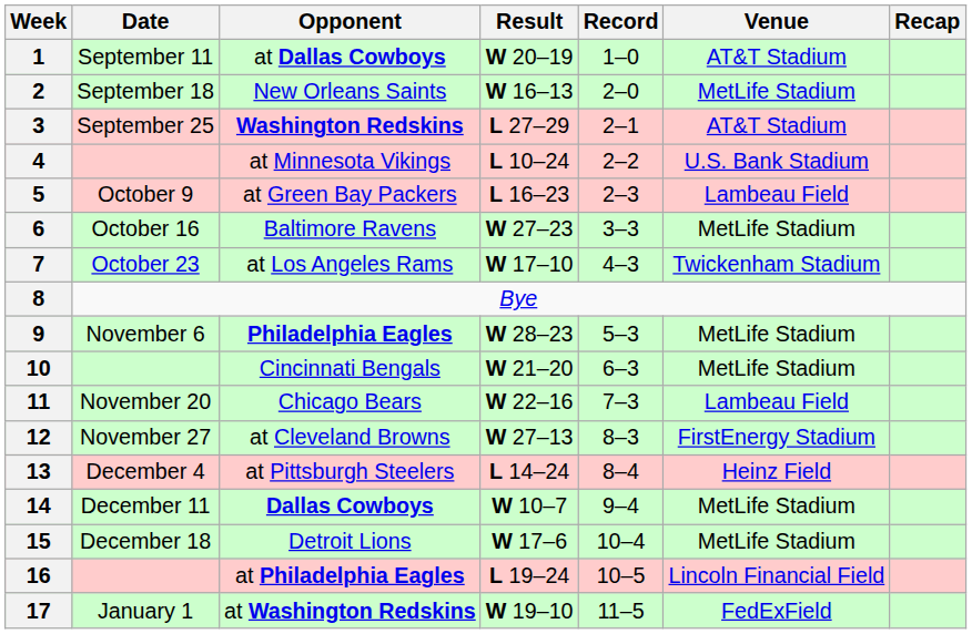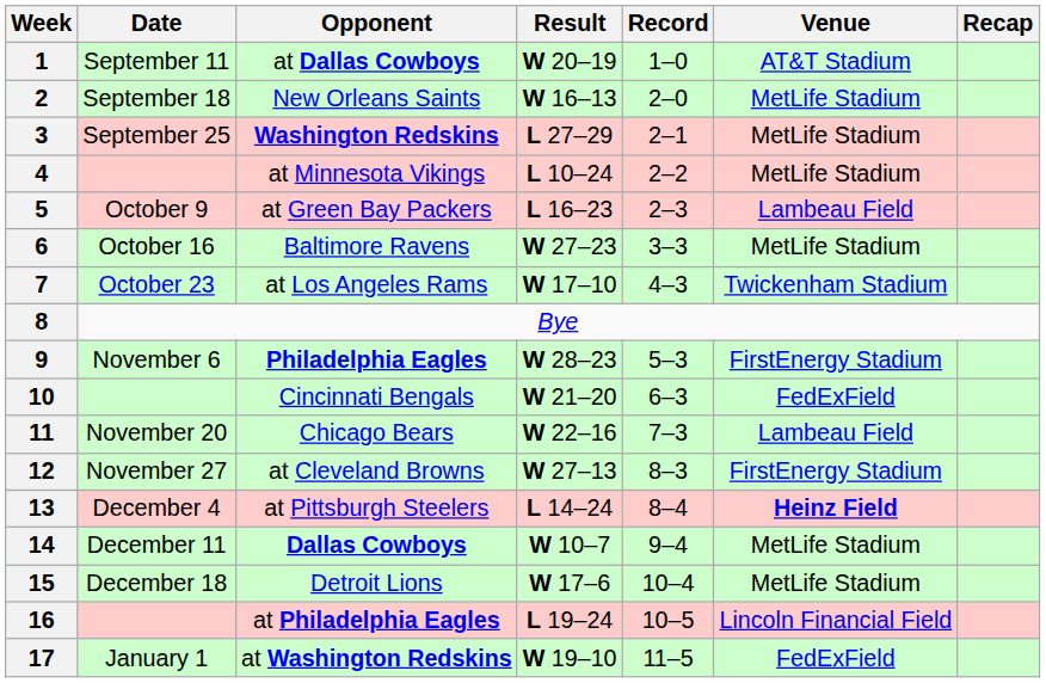 <table class="wikitable" style="text-align:center">
 <tr>
 <th>Week</th>
 <th>Date</th>
 <th>Opponent</th>
 <th>Result</th>
 <th>Record</th>
 <th>Venue</th>
 <th>Recap</th>
 </tr>
 <tr style="background:#cfc">
 <th>1</th>
 <td>September 11</td>
 <td>at <strong><a href='#'>Dallas Cowboys</a></strong></td>
 <td><strong>W</strong> 20–19</td>
 <td>1–0</td>
 <td><a href='#'>AT&T Stadium</a></td>
 <td></td>
 </tr>
 <tr style="background:#cfc">
 <th>2</th>
 <td>September 18</td>
 <td><a href='#'>New Orleans Saints</a></td>
 <td><strong>W</strong> 16–13</td>
 <td>2–0</td>
 <td><a href='#'>MetLife Stadium</a></td>
 <td></td>
 </tr>
 <tr style="background:#fcc">
 <th>3</th>
 <td>September 25</td>
 <td><strong><a href='#'>Washington Redskins</a></strong></td>
 <td><strong>L</strong> 27–29</td>
 <td>2–1</td>
-<td><a href='#'>AT&T Stadium</a></td>
+<td>MetLife Stadium</td>
 <td></td>
 </tr>
 <tr style="background:#fcc">
 <th>4</th>
 <td></td>
 <td>at <a href='#'>Minnesota Vikings</a></td>
 <td><strong>L</strong> 10–24</td>
 <td>2–2</td>
-<td><a href='#'>U.S. Bank Stadium</a></td>
+<td>MetLife Stadium</td>
 <td></td>
 </tr>
 <tr style="background:#fcc">
 <th>5</th>
 <td>October 9</td>
 <td>at <a href='#'>Green Bay Packers</a></td>
 <td><strong>L</strong> 16–23</td>
 <td>2–3</td>
 <td><a href='#'>Lambeau Field</a></td>
 <td></td>
 </tr>
 <tr style="background:#cfc">
 <th>6</th>
 <td>October 16</td>
 <td><a href='#'>Baltimore Ravens</a></td>
 <td><strong>W</strong> 27–23</td>
 <td>3–3</td>
 <td>MetLife Stadium</td>
 <td></td>
 </tr>
 <tr style="background:#cfc">
 <th>7</th>
 <td><a href='#'>October 23</a></td>
 <td>at <a href='#'>Los Angeles Rams</a></td>
 <td><strong>W</strong> 17–10</td>
 <td>4–3</td>
 <td> <a href='#'>Twickenham Stadium</a> </td>
 <td></td>
 </tr>
 <tr>
 <th>8</th>
 <td colspan="6"><em><a href='#'>Bye</a></em></td>
 </tr>
 <tr style="background:#cfc">
 <th>9</th>
 <td>November 6</td>
 <td><strong><a href='#'>Philadelphia Eagles</a></strong></td>
 <td><strong>W</strong> 28–23</td>
 <td>5–3</td>
-<td>MetLife Stadium</td>
+<td><a href='#'>FirstEnergy Stadium</a></td>
 <td></td>
 </tr>
 <tr style="background:#cfc">
 <th>10</th>
 <td></td>
 <td><a href='#'>Cincinnati Bengals</a></td>
 <td><strong>W</strong> 21–20</td>
 <td>6–3</td>
-<td>MetLife Stadium</td>
+<td><a href='#'>FedExField</a></td>
 <td></td>
 </tr>
 <tr style="background:#cfc">
 <th>11</th>
 <td>November 20</td>
 <td><a href='#'>Chicago Bears</a></td>
 <td><strong>W</strong> 22–16</td>
 <td>7–3</td>
 <td><a href='#'>Lambeau Field</a></td>
 <td></td>
 </tr>
 <tr style="background:#cfc">
 <th>12</th>
 <td>November 27</td>
 <td>at <a href='#'>Cleveland Browns</a></td>
 <td><strong>W</strong> 27–13</td>
 <td>8–3</td>
 <td><a href='#'>FirstEnergy Stadium</a></td>
 <td></td>
 </tr>
 <tr style="background:#fcc">
 <th>13</th>
 <td>December 4</td>
 <td>at <a href='#'>Pittsburgh Steelers</a></td>
 <td><strong>L</strong> 14–24</td>
 <td>8–4</td>
-<td><a href='#'>Heinz Field</a></td>
+<td><strong><a href='#'>Heinz Field</a></strong></td>
 <td></td>
 </tr>
 <tr style="background:#cfc">
 <th>14</th>
 <td>December 11</td>
 <td><strong><a href='#'>Dallas Cowboys</a></strong></td>
 <td><strong>W</strong> 10–7</td>
 <td>9–4</td>
 <td>MetLife Stadium</td>
 <td></td>
 </tr>
 <tr style="background:#cfc">
 <th>15</th>
 <td>December 18</td>
 <td><a href='#'>Detroit Lions</a></td>
 <td><strong>W</strong> 17–6</td>
 <td>10–4</td>
 <td>MetLife Stadium</td>
 <td></td>
 </tr>
 <tr style="background:#fcc">
 <th>16</th>
 <td></td>
 <td>at <strong><a href='#'>Philadelphia Eagles</a></strong></td>
 <td><strong>L</strong> 19–24</td>
 <td>10–5</td>
 <td><a href='#'>Lincoln Financial Field</a></td>
 <td></td>
 </tr>
 <tr style="background:#cfc">
 <th>17</th>
 <td>January 1</td>
 <td>at <strong><a href='#'>Washington Redskins</a></strong></td>
 <td><strong>W</strong> 19–10</td>
 <td>11–5</td>
 <td><a href='#'>FedExField</a></td>
 <td></td>
 </tr>
 </table>
